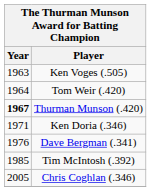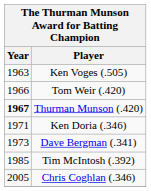 <table class="wikitable" style="display: inline-table; margin-right: 20px; text-align:center">
 <tr>
 <th scope="col" colspan="2" style="width: 145px;">The Thurman Munson Award for Batting Champion</th>
 </tr>
 <tr>
 <th scope="col">Year</th>
 <th scope="col">Player</th>
 </tr>
 <tr>
 <td>1963</td>
 <td>Ken Voges (.505)</td>
 </tr>
 <tr>
-<td>1964</td>
+<td>1966</td>
 <td>Tom Weir (.420)</td>
 </tr>
 <tr>
 <td><strong>1967</strong></td>
 <td><a href='#'>Thurman Munson</a> (.420)</td>
 </tr>
 <tr>
 <td>1971</td>
 <td>Ken Doria (.346)</td>
 </tr>
 <tr>
-<td>1976</td>
+<td>1973</td>
 <td><a href='#'>Dave Bergman</a> (.341)</td>
 </tr>
 <tr>
 <td>1985</td>
 <td>Tim McIntosh (.392)</td>
 </tr>
 <tr>
 <td>2005</td>
 <td><a href='#'>Chris Coghlan</a> (.346)</td>
 </tr>
 <tr>
 </tr>
 </table>
